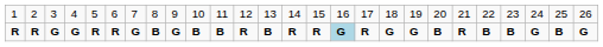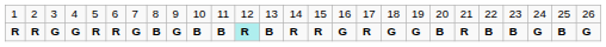 <table class="wikitable">
 <tr>
 <td> 1 </td>
 <td> 2 </td>
 <td> 3 </td>
 <td> 4 </td>
 <td> 5 </td>
 <td> 6 </td>
 <td> 7 </td>
 <td> 8 </td>
 <td> 9 </td>
 <td> 10 </td>
 <td> 11 </td>
 <td> 12 </td>
 <td> 13 </td>
 <td> 14 </td>
 <td> 15 </td>
 <td> 16 </td>
 <td> 17 </td>
 <td> 18 </td>
 <td> 19 </td>
 <td> 20 </td>
 <td> 21 </td>
 <td> 22 </td>
 <td> 23 </td>
 <td> 24 </td>
 <td> 25 </td>
 <td> 26 </td>
 </tr>
 <tr>
 <td> <strong><span>R</span></strong> </td>
 <td> <strong><span>R</span></strong> </td>
 <td> <strong><span>G</span></strong> </td>
 <td> <strong><span>G</span></strong> </td>
 <td> <strong><span>R</span></strong> </td>
 <td> <strong><span>R</span></strong> </td>
 <td> <strong><span>G</span></strong> </td>
 <td> <strong><span>B</span></strong> </td>
 <td> <strong><span>G</span></strong> </td>
 <td> <strong><span>B</span></strong> </td>
 <td> <strong><span>B</span></strong> </td>
-<td> <strong><span>R</span></strong> </td>
+<td style="background: paleturquoise;"> <strong><span>R</span></strong> </td>
 <td> <strong><span>B</span></strong> </td>
 <td> <strong><span>R</span></strong> </td>
 <td> <strong><span>R</span></strong> </td>
-<td style="background: lightblue;"> <strong><span>G</span></strong> </td>
+<td> <strong><span>G</span></strong> </td>
 <td> <strong><span>R</span></strong> </td>
 <td> <strong><span>G</span></strong> </td>
 <td> <strong><span>G</span></strong> </td>
 <td> <strong><span>B</span></strong> </td>
 <td> <strong><span>R</span></strong> </td>
 <td> <strong><span>B</span></strong> </td>
 <td> <strong><span>B</span></strong> </td>
 <td> <strong><span>G</span></strong> </td>
 <td> <strong><span>B</span></strong> </td>
 <td> <strong><span>G</span></strong> </td>
 </tr>
 </table>
